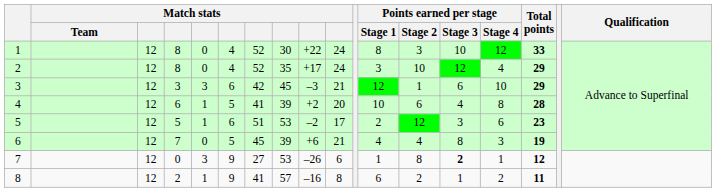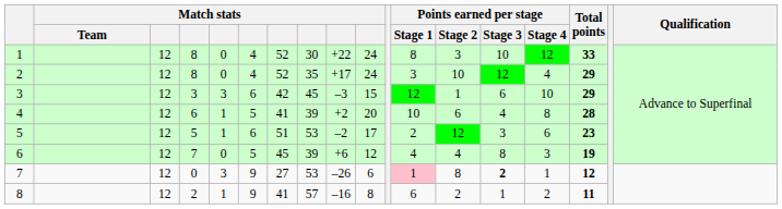 <table class="wikitable" style="text-align: center; font-size: 100%;">
 <tr>
 <th width="30" rowspan=2></th>
 <th colspan=9>Match stats</th>
 <th rowspan=10></th>
 <th colspan=4>Points earned per stage</th>
 <th rowspan=2>Total<br>points</th>
 <th rowspan=10></th>
 <th rowspan=2 width=200>Qualification</th>
 </tr>
 <tr>
 <th width="140">Team</th>
 <th width="30"></th>
 <th width="30"></th>
 <th width="30"></th>
 <th width="30"></th>
 <th width="30"></th>
 <th width="30"></th>
 <th width="30"></th>
 <th width="30"></th>
 <th>Stage 1</th>
 <th>Stage 2</th>
 <th>Stage 3</th>
 <th>Stage 4</th>
 </tr>
 <tr style="background-color: #ccffcc;">
 <td>1</td>
 <td align=left></td>
 <td>12</td>
 <td>8</td>
 <td>0</td>
 <td>4</td>
 <td>52</td>
 <td>30</td>
 <td>+22</td>
 <td>24</td>
 <td>8</td>
 <td>3</td>
 <td>10</td>
 <td style="background:#00ff00;">12</td>
 <td><strong>33</strong></td>
 <td rowspan=6>Advance to Superfinal</td>
 </tr>
 <tr style="background-color: #ccffcc;">
 <td>2</td>
 <td align=left></td>
 <td>12</td>
 <td>8</td>
 <td>0</td>
 <td>4</td>
 <td>52</td>
 <td>35</td>
 <td>+17</td>
 <td>24</td>
 <td>3</td>
 <td>10</td>
 <td style="background:#00ff00;">12</td>
 <td>4</td>
 <td><strong>29</strong></td>
 </tr>
 <tr style="background-color: #ccffcc;">
 <td>3</td>
 <td align=left></td>
 <td>12</td>
 <td>3</td>
 <td>3</td>
 <td>6</td>
 <td>42</td>
 <td>45</td>
 <td>–3</td>
-<td>21</td>
+<td>15</td>
 <td style="background:#00ff00;">12</td>
 <td>1</td>
 <td>6</td>
 <td>10</td>
 <td><strong>29</strong></td>
 </tr>
 <tr style="background-color: #ccffcc;">
 <td>4</td>
 <td align=left></td>
 <td>12</td>
 <td>6</td>
 <td>1</td>
 <td>5</td>
 <td>41</td>
 <td>39</td>
 <td>+2</td>
 <td>20</td>
 <td>10</td>
 <td>6</td>
 <td>4</td>
 <td>8</td>
 <td><strong>28</strong></td>
 </tr>
 <tr style="background-color: #ccffcc;">
 <td>5</td>
 <td align=left></td>
 <td>12</td>
 <td>5</td>
 <td>1</td>
 <td>6</td>
 <td>51</td>
 <td>53</td>
 <td>–2</td>
 <td>17</td>
 <td>2</td>
 <td style="background:#00ff00;">12</td>
 <td>3</td>
 <td>6</td>
 <td><strong>23</strong></td>
 </tr>
 <tr style="background-color: #ccffcc;">
 <td>6</td>
 <td align=left></td>
 <td>12</td>
 <td>7</td>
 <td>0</td>
 <td>5</td>
 <td>45</td>
 <td>39</td>
 <td>+6</td>
-<td>21</td>
+<td>12</td>
 <td>4</td>
 <td>4</td>
 <td>8</td>
 <td>3</td>
 <td><strong>19</strong></td>
 </tr>
 <tr>
 <td>7</td>
 <td align=left></td>
 <td>12</td>
 <td>0</td>
 <td>3</td>
 <td>9</td>
 <td>27</td>
 <td>53</td>
 <td>–26</td>
 <td>6</td>
-<td>1</td>
+<td style="background: pink;">1</td>
 <td>8</td>
 <td><strong>2</strong></td>
 <td>1</td>
 <td><strong>12</strong></td>
 <td rowspan=2></td>
 </tr>
 <tr>
 <td>8</td>
 <td align=left></td>
 <td>12</td>
 <td>2</td>
 <td>1</td>
 <td>9</td>
 <td>41</td>
 <td>57</td>
 <td>–16</td>
 <td>8</td>
 <td>6</td>
 <td>2</td>
 <td>1</td>
 <td>2</td>
 <td><strong>11</strong></td>
 </tr>
 </table>
